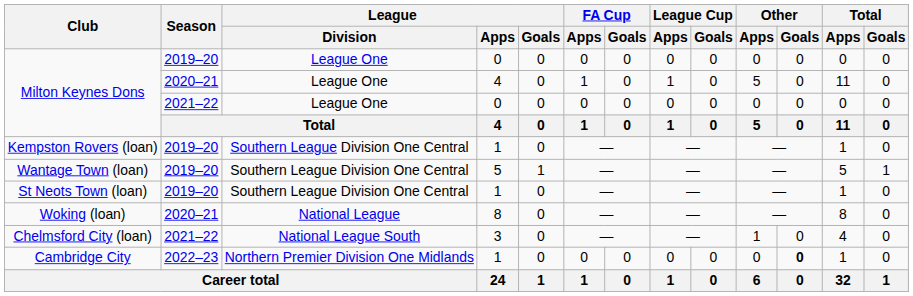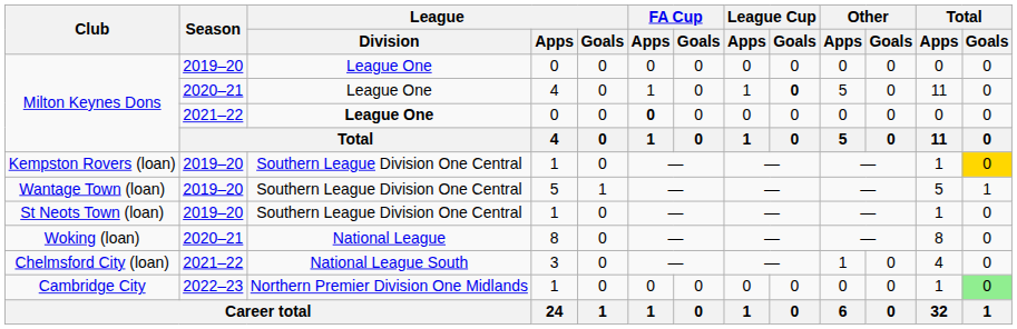 <table class="wikitable" style="text-align:center">
 <tr>
 <th rowspan="2">Club</th>
 <th rowspan="2">Season</th>
 <th colspan="3">League</th>
 <th colspan="2"><a href='#'>FA Cup</a></th>
 <th colspan="2">League Cup</th>
 <th colspan="2">Other</th>
 <th colspan="2">Total</th>
 </tr>
 <tr>
 <th>Division</th>
 <th>Apps</th>
 <th>Goals</th>
 <th>Apps</th>
 <th>Goals</th>
 <th>Apps</th>
 <th>Goals</th>
 <th>Apps</th>
 <th>Goals</th>
 <th>Apps</th>
 <th>Goals</th>
 </tr>
 <tr>
 <td rowspan="4"><a href='#'>Milton Keynes Dons</a></td>
 <td><a href='#'>2019–20</a></td>
 <td><a href='#'>League One</a></td>
 <td>0</td>
 <td>0</td>
 <td>0</td>
 <td>0</td>
 <td>0</td>
 <td>0</td>
 <td>0</td>
 <td>0</td>
 <td>0</td>
 <td>0</td>
 </tr>
 <tr>
 <td><a href='#'>2020–21</a></td>
 <td>League One</td>
 <td>4</td>
 <td>0</td>
 <td>1</td>
 <td>0</td>
 <td>1</td>
-<td>0</td>
+<td><strong>0</strong></td>
 <td>5</td>
 <td>0</td>
 <td>11</td>
 <td>0</td>
 </tr>
 <tr>
 <td><a href='#'>2021–22</a></td>
-<td>League One</td>
+<td><strong>League One</strong></td>
 <td>0</td>
 <td>0</td>
-<td>0</td>
+<td><strong>0</strong></td>
 <td>0</td>
 <td>0</td>
 <td>0</td>
 <td>0</td>
 <td>0</td>
 <td>0</td>
 <td>0</td>
 </tr>
 <tr>
 <th colspan="2">Total</th>
 <th>4</th>
 <th>0</th>
 <th>1</th>
 <th>0</th>
 <th>1</th>
 <th>0</th>
 <th>5</th>
 <th>0</th>
 <th>11</th>
 <th>0</th>
 </tr>
 <tr>
 <td><a href='#'>Kempston Rovers</a> (loan)</td>
 <td><a href='#'>2019–20</a></td>
 <td><a href='#'>Southern League</a> Division One Central</td>
 <td>1</td>
 <td>0</td>
 <td colspan="2">—</td>
 <td colspan="2">—</td>
 <td colspan="2">—</td>
 <td>1</td>
-<td>0</td>
+<td style="background: gold;">0</td>
 </tr>
 <tr>
 <td><a href='#'>Wantage Town</a> (loan)</td>
 <td><a href='#'>2019–20</a></td>
 <td>Southern League Division One Central</td>
 <td>5</td>
 <td>1</td>
 <td colspan="2">—</td>
 <td colspan="2">—</td>
 <td colspan="2">—</td>
 <td>5</td>
 <td>1</td>
 </tr>
 <tr>
 <td><a href='#'>St Neots Town</a> (loan)</td>
 <td><a href='#'>2019–20</a></td>
 <td>Southern League Division One Central</td>
 <td>1</td>
 <td>0</td>
 <td colspan="2">—</td>
 <td colspan="2">—</td>
 <td colspan="2">—</td>
 <td>1</td>
 <td>0</td>
 </tr>
 <tr>
 <td><a href='#'>Woking</a> (loan)</td>
 <td><a href='#'>2020–21</a></td>
 <td><a href='#'>National League</a></td>
 <td>8</td>
 <td>0</td>
 <td colspan="2">—</td>
 <td colspan="2">—</td>
 <td colspan="2">—</td>
 <td>8</td>
 <td>0</td>
 </tr>
 <tr>
 <td><a href='#'>Chelmsford City</a> (loan)</td>
 <td><a href='#'>2021–22</a></td>
 <td><a href='#'>National League South</a></td>
 <td>3</td>
 <td>0</td>
 <td colspan="2">—</td>
 <td colspan="2">—</td>
 <td>1</td>
 <td>0</td>
 <td>4</td>
 <td>0</td>
 </tr>
 <tr>
 <td><a href='#'>Cambridge City</a></td>
 <td><a href='#'>2022–23</a></td>
 <td><a href='#'>Northern Premier Division One Midlands</a></td>
 <td>1</td>
 <td>0</td>
 <td>0</td>
 <td>0</td>
 <td>0</td>
 <td>0</td>
 <td>0</td>
-<td><strong>0</strong></td>
+<td>0</td>
 <td>1</td>
-<td>0</td>
+<td style="background: lightgreen;">0</td>
 </tr>
 <tr>
 <th colspan="3">Career total</th>
 <th>24</th>
 <th>1</th>
 <th>1</th>
 <th>0</th>
 <th>1</th>
 <th>0</th>
 <th>6</th>
 <th>0</th>
 <th>32</th>
 <th>1</th>
 </tr>
 </table>
